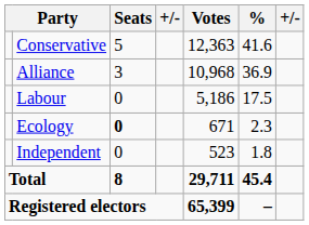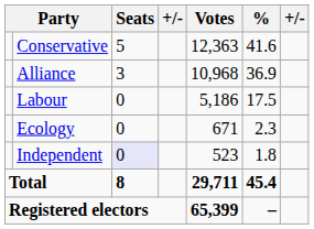 <table class="wikitable sortable">
 <tr>
 <th colspan="2">Party</th>
 <th>Seats</th>
 <th>+/-</th>
 <th>Votes</th>
 <th>%</th>
 <th>+/-</th>
 </tr>
 <tr>
 <td style="background-color: "></td>
 <td><a href='#'>Conservative</a></td>
 <td>5</td>
 <td></td>
 <td style="text-align:right;">12,363</td>
 <td style="text-align:right;">41.6</td>
 <td style="text-align:right;"></td>
 </tr>
 <tr>
 <td style="background-color: "></td>
 <td><a href='#'>Alliance</a></td>
 <td>3</td>
 <td></td>
 <td style="text-align:right;">10,968</td>
 <td style="text-align:right;">36.9</td>
 <td style="text-align:right;"></td>
 </tr>
 <tr>
 <td style="background-color: "></td>
 <td><a href='#'>Labour</a></td>
 <td>0</td>
 <td></td>
 <td style="text-align:right;">5,186</td>
 <td style="text-align:right;">17.5</td>
 <td style="text-align:right;"></td>
 </tr>
 <tr>
 <td style="background-color: "></td>
 <td><a href='#'>Ecology</a></td>
-<td><strong>0</strong></td>
+<td>0</td>
 <td></td>
 <td style="text-align:right;">671</td>
 <td style="text-align:right;">2.3</td>
 <td style="text-align:right;"></td>
 </tr>
 <tr>
 <td style="background-color: "></td>
 <td><a href='#'>Independent</a></td>
-<td>0</td>
+<td style="background: lavender;">0</td>
 <td></td>
 <td style="text-align:right;">523</td>
 <td style="text-align:right;">1.8</td>
 <td style="text-align:right;"></td>
 </tr>
 <tr>
 <td colspan="2"><strong>Total</strong></td>
 <td><strong>8</strong></td>
 <td></td>
 <td style="text-align:right;"><strong>29,711</strong></td>
 <td style="text-align:right;"><strong>45.4</strong></td>
 <td style="text-align:right;"></td>
 </tr>
 <tr>
 <td colspan="4"><strong>Registered electors</strong></td>
 <td style="text-align:right;"><strong>65,399</strong></td>
 <td style="text-align:right;"><strong>–</strong></td>
 <td style="text-align:right;"></td>
 </tr>
 </table>
